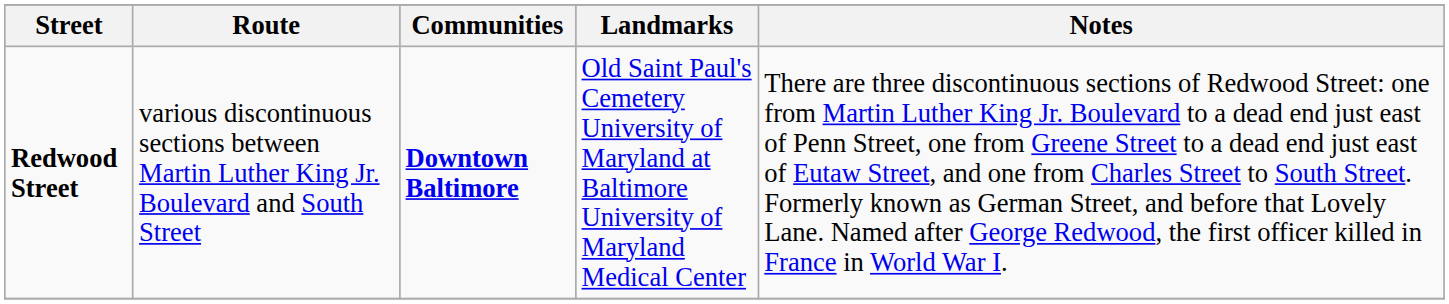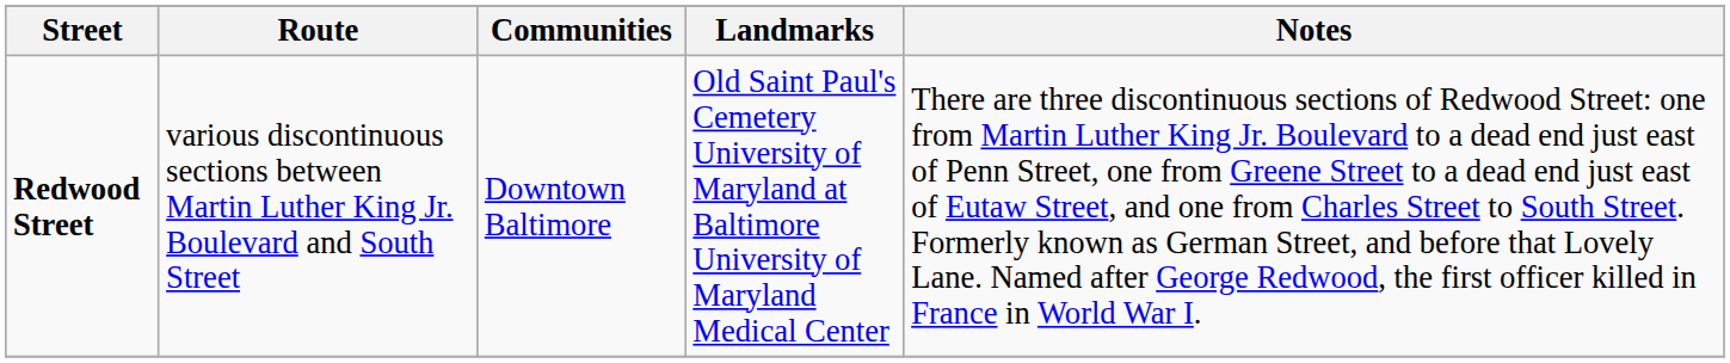 <table class="wikitable">
 <tr style="background-color:#DDDDDD;text-align:center;">
 </tr>
 <tr>
 <th>Street</th>
 <th>Route</th>
 <th>Communities</th>
 <th>Landmarks</th>
 <th>Notes</th>
 </tr>
 <tr>
 <td><strong>Redwood Street</strong></td>
 <td>various discontinuous sections between <a href='#'>Martin Luther King Jr. Boulevard</a> and <a href='#'>South Street</a></td>
-<td><strong><a href='#'>Downtown Baltimore</a></strong></td>
+<td><a href='#'>Downtown Baltimore</a></td>
 <td><a href='#'>Old Saint Paul's Cemetery</a><br><a href='#'>University of Maryland at Baltimore</a><br><a href='#'>University of Maryland Medical Center</a></td>
 <td>There are three discontinuous sections of Redwood Street: one from <a href='#'>Martin Luther King Jr. Boulevard</a> to a dead end just east of Penn Street, one from <a href='#'>Greene Street</a> to a dead end just east of <a href='#'>Eutaw Street</a>, and one from <a href='#'>Charles Street</a> to <a href='#'>South Street</a>. Formerly known as German Street, and before that Lovely Lane. Named after <a href='#'>George Redwood</a>, the first officer killed in <a href='#'>France</a> in <a href='#'>World War I</a>.</td>
 </tr>
 <tr>
 </tr>
 </table>
